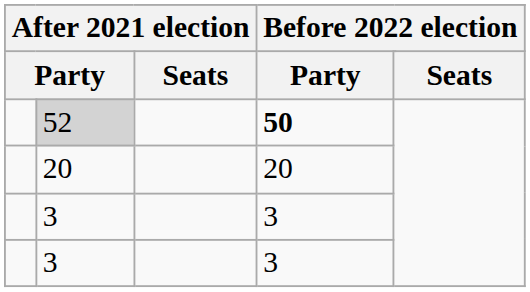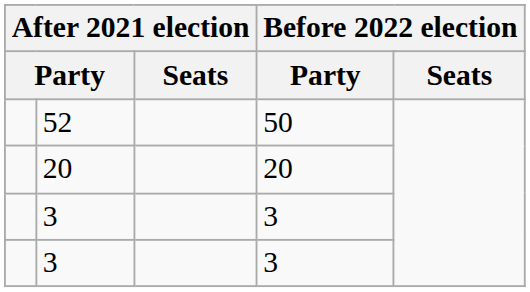 <table class="wikitable">
 <tr>
 <th colspan="3">After 2021 election</th>
 <th colspan="3">Before 2022 election</th>
 </tr>
 <tr>
 <th colspan="2">Party</th>
 <th>Seats</th>
 <th colspan="2">Party</th>
 <th>Seats</th>
 </tr>
 <tr>
 <td></td>
-<td style="background: lightgrey;">52</td>
+<td>52</td>
 <td></td>
-<td><strong>50</strong></td>
+<td>50</td>
 </tr>
 <tr>
 <td></td>
 <td>20</td>
 <td></td>
 <td>20</td>
 </tr>
 <tr>
 <td></td>
 <td>3</td>
 <td></td>
 <td>3</td>
 </tr>
 <tr>
 <td></td>
 <td>3</td>
 <td></td>
 <td>3</td>
 </tr>
 </table>
